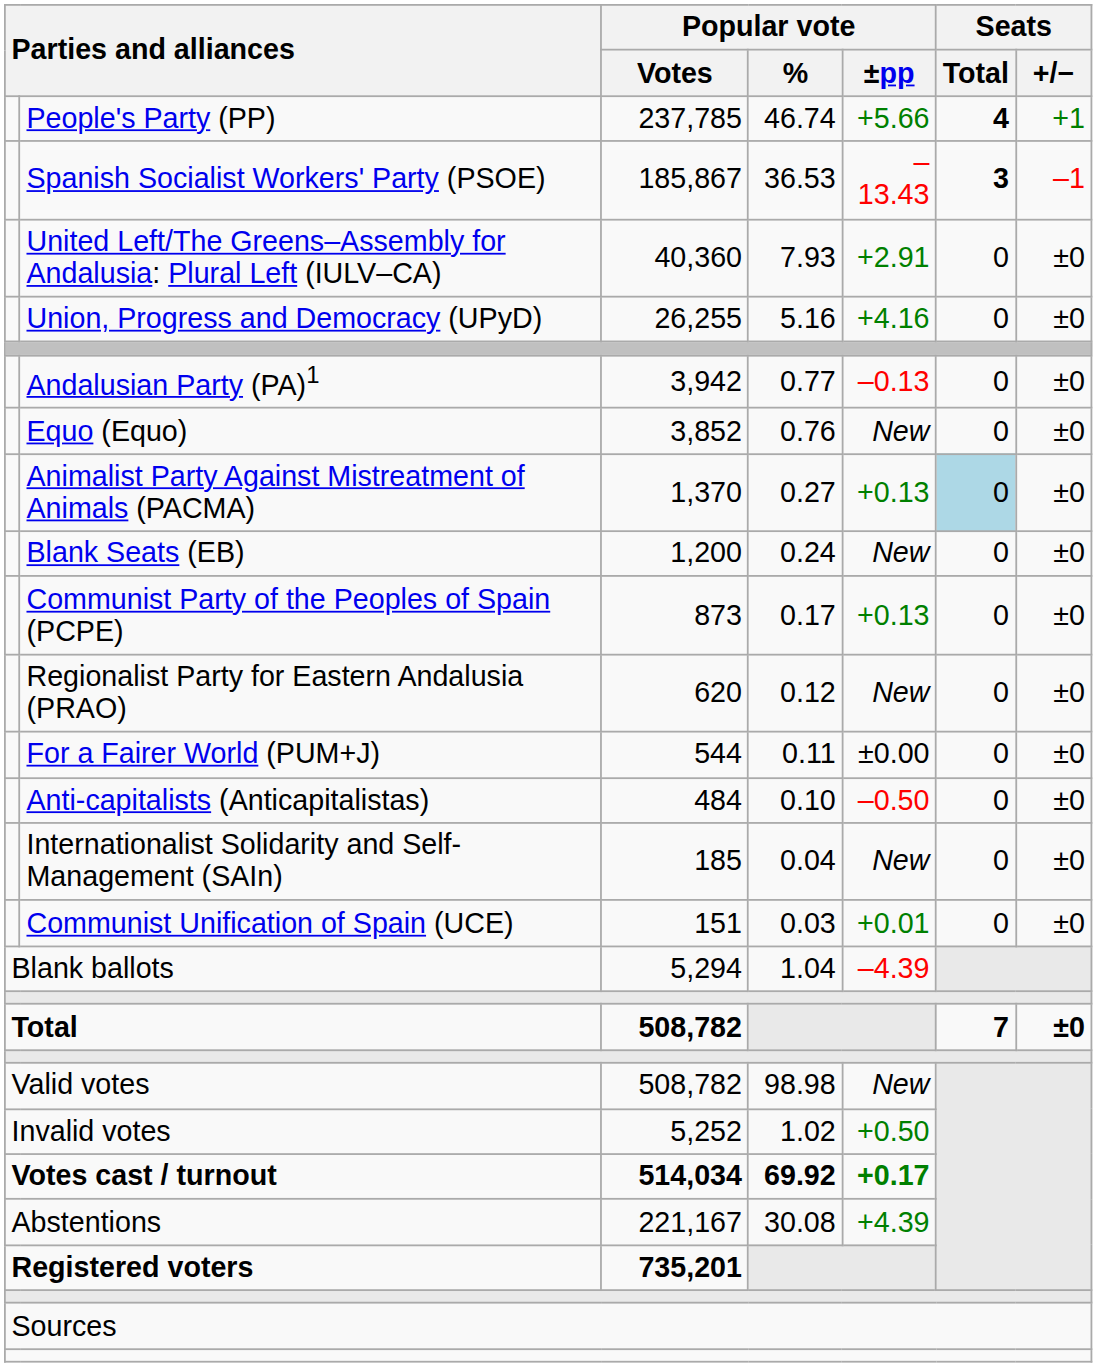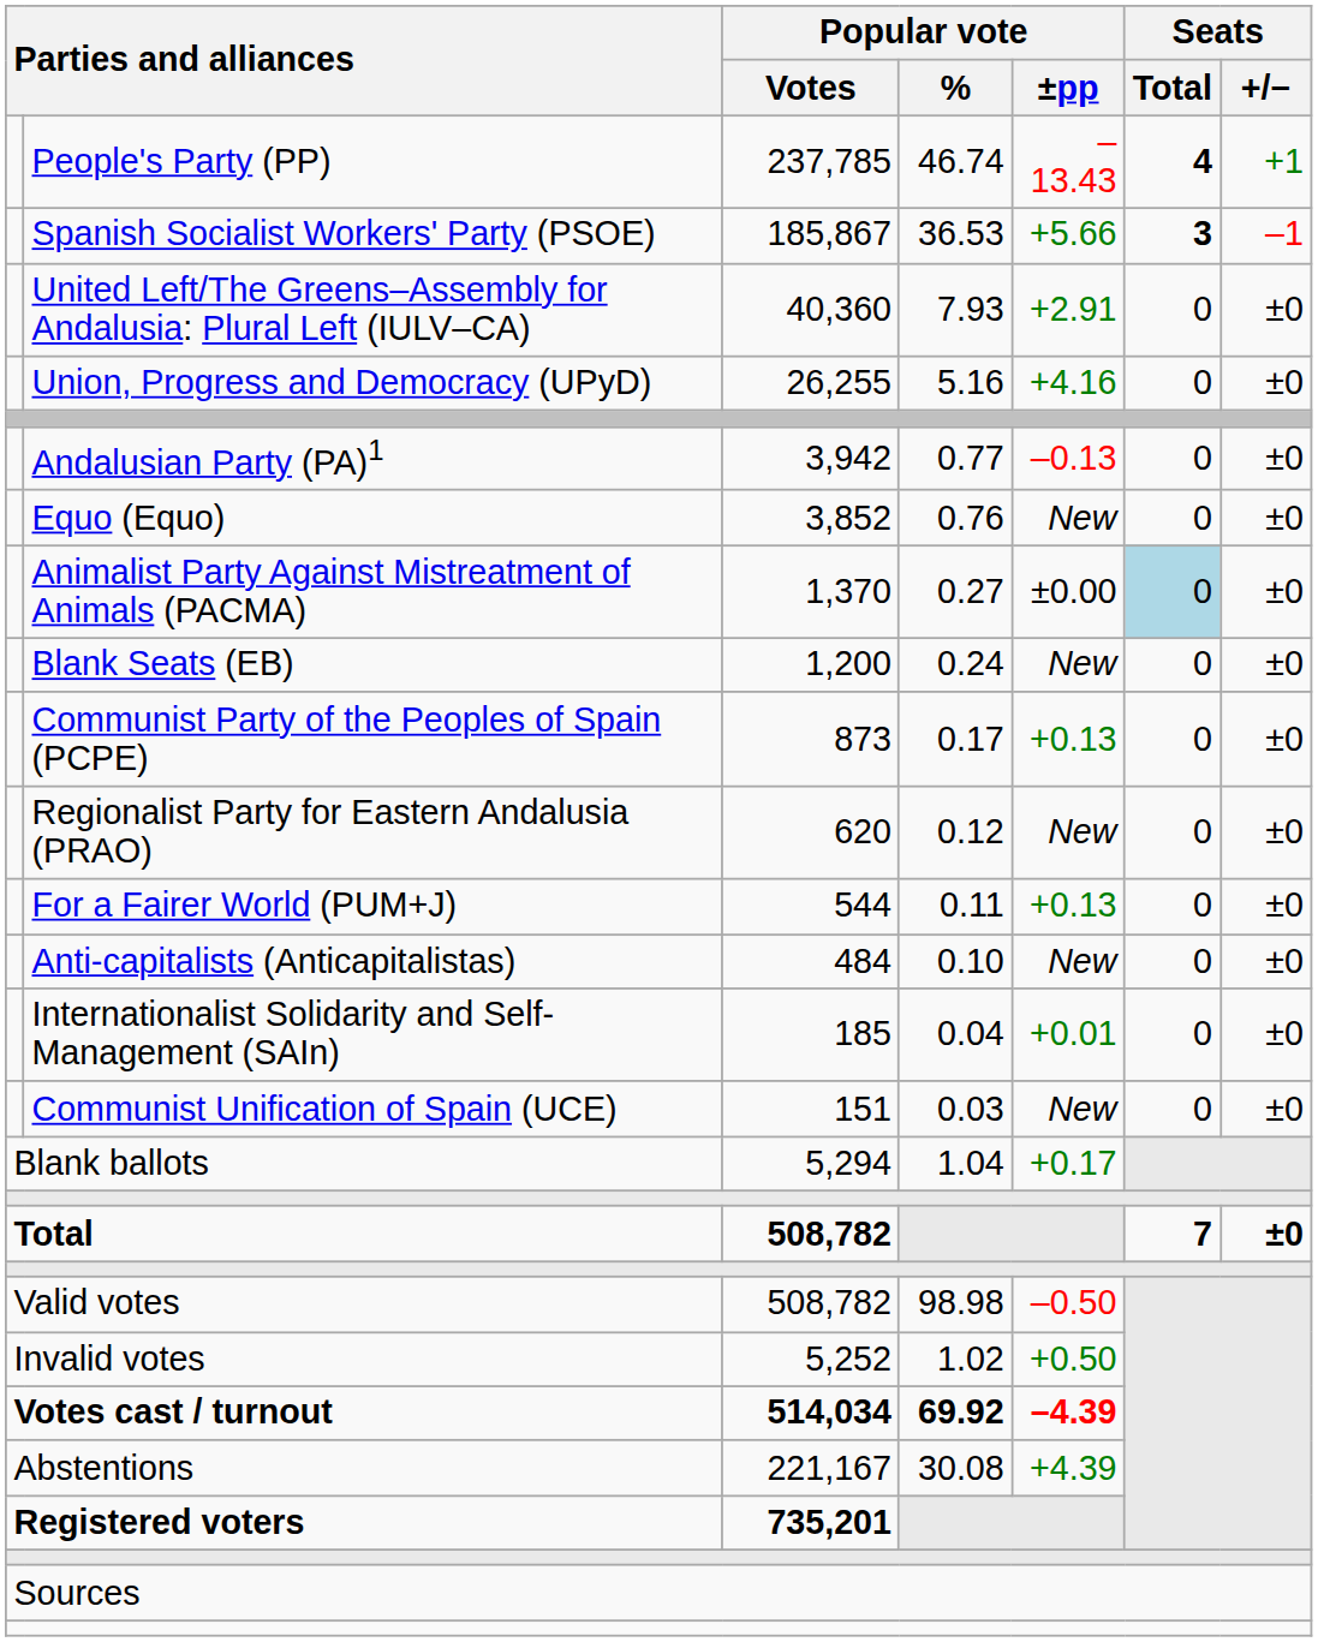 <table class="wikitable" style="text-align:right;">
 <tr>
 <th style="text-align:left;" rowspan="2" colspan="2" width="525">Parties and alliances</th>
 <th colspan="3">Popular vote</th>
 <th colspan="2">Seats</th>
 </tr>
 <tr>
 <th width="75">Votes</th>
 <th width="45">%</th>
 <th width="45">±<a href='#'>pp</a></th>
 <th width="35">Total</th>
 <th width="35">+/−</th>
 </tr>
 <tr>
 <td width="1" style="color:inherit;background:"></td>
 <td align="left"><a href='#'>People's Party</a> (PP)</td>
 <td>237,785</td>
 <td>46.74</td>
-<td style="color:green;">+5.66</td>
+<td style="color:red;">–13.43</td>
 <td><strong>4</strong></td>
 <td style="color:green;">+1</td>
 </tr>
 <tr>
 <td style="color:inherit;background:"></td>
 <td align="left"><a href='#'>Spanish Socialist Workers' Party</a> (PSOE)</td>
 <td>185,867</td>
 <td>36.53</td>
-<td style="color:red;">–13.43</td>
+<td style="color:green;">+5.66</td>
 <td><strong>3</strong></td>
 <td style="color:red;">–1</td>
 </tr>
 <tr>
 <td style="color:inherit;background:"></td>
 <td align="left"><a href='#'>United Left/The Greens–Assembly for Andalusia</a>: <a href='#'>Plural Left</a> (IULV–CA)</td>
 <td>40,360</td>
 <td>7.93</td>
 <td style="color:green;">+2.91</td>
 <td>0</td>
 <td>±0</td>
 </tr>
 <tr>
 <td style="color:inherit;background:"></td>
 <td align="left"><a href='#'>Union, Progress and Democracy</a> (UPyD)</td>
 <td>26,255</td>
 <td>5.16</td>
 <td style="color:green;">+4.16</td>
 <td>0</td>
 <td>±0</td>
 </tr>
 <tr>
 <td colspan="7" bgcolor="#C0C0C0"></td>
 </tr>
 <tr>
 <td style="color:inherit;background:"></td>
 <td align="left"><a href='#'>Andalusian Party</a> (PA)<sup>1</sup></td>
 <td>3,942</td>
 <td>0.77</td>
 <td style="color:red;">–0.13</td>
 <td>0</td>
 <td>±0</td>
 </tr>
 <tr>
 <td style="color:inherit;background:"></td>
 <td align="left"><a href='#'>Equo</a> (Equo)</td>
 <td>3,852</td>
 <td>0.76</td>
 <td><em>New</em></td>
 <td>0</td>
 <td>±0</td>
 </tr>
 <tr>
 <td style="color:inherit;background:"></td>
 <td align="left"><a href='#'>Animalist Party Against Mistreatment of Animals</a> (PACMA)</td>
 <td>1,370</td>
 <td>0.27</td>
-<td style="color:green;">+0.13</td>
+<td>±0.00</td>
 <td style="background: lightblue;">0</td>
 <td>±0</td>
 </tr>
 <tr>
 <td style="color:inherit;background:"></td>
 <td align="left"><a href='#'>Blank Seats</a> (EB)</td>
 <td>1,200</td>
 <td>0.24</td>
 <td><em>New</em></td>
 <td>0</td>
 <td>±0</td>
 </tr>
 <tr>
 <td style="color:inherit;background:"></td>
 <td align="left"><a href='#'>Communist Party of the Peoples of Spain</a> (PCPE)</td>
 <td>873</td>
 <td>0.17</td>
 <td style="color:green;">+0.13</td>
 <td>0</td>
 <td>±0</td>
 </tr>
 <tr>
 <td style="color:inherit;background:"></td>
 <td align="left">Regionalist Party for Eastern Andalusia (PRAO)</td>
 <td>620</td>
 <td>0.12</td>
 <td><em>New</em></td>
 <td>0</td>
 <td>±0</td>
 </tr>
 <tr>
 <td style="color:inherit;background:"></td>
 <td align="left"><a href='#'>For a Fairer World</a> (PUM+J)</td>
 <td>544</td>
 <td>0.11</td>
-<td>±0.00</td>
+<td style="color:green;">+0.13</td>
 <td>0</td>
 <td>±0</td>
 </tr>
 <tr>
 <td style="color:inherit;background:"></td>
 <td align="left"><a href='#'>Anti-capitalists</a> (Anticapitalistas)</td>
 <td>484</td>
 <td>0.10</td>
-<td style="color:red;">–0.50</td>
+<td><em>New</em></td>
 <td>0</td>
 <td>±0</td>
 </tr>
 <tr>
 <td style="color:inherit;background:"></td>
 <td align="left">Internationalist Solidarity and Self-Management (SAIn)</td>
 <td>185</td>
 <td>0.04</td>
-<td><em>New</em></td>
+<td style="color:green;">+0.01</td>
 <td>0</td>
 <td>±0</td>
 </tr>
 <tr>
 <td style="color:inherit;background:"></td>
 <td align="left"><a href='#'>Communist Unification of Spain</a> (UCE)</td>
 <td>151</td>
 <td>0.03</td>
-<td style="color:green;">+0.01</td>
+<td><em>New</em></td>
 <td>0</td>
 <td>±0</td>
 </tr>
 <tr>
 <td align="left" colspan="2">Blank ballots</td>
 <td>5,294</td>
 <td>1.04</td>
-<td style="color:red;">–4.39</td>
+<td style="color:green;">+0.17</td>
 <td bgcolor="#E9E9E9" colspan="2"></td>
 </tr>
 <tr>
 <td colspan="7" bgcolor="#E9E9E9"></td>
 </tr>
 <tr style="font-weight:bold;">
 <td align="left" colspan="2">Total</td>
 <td>508,782</td>
 <td bgcolor="#E9E9E9" colspan="2"></td>
 <td>7</td>
 <td>±0</td>
 </tr>
 <tr>
 <td colspan="7" bgcolor="#E9E9E9"></td>
 </tr>
 <tr>
 <td align="left" colspan="2">Valid votes</td>
 <td>508,782</td>
 <td>98.98</td>
-<td><em>New</em></td>
+<td style="color:red;">–0.50</td>
 <td bgcolor="#E9E9E9" colspan="2" rowspan="5"></td>
 </tr>
 <tr>
 <td align="left" colspan="2">Invalid votes</td>
 <td>5,252</td>
 <td>1.02</td>
 <td style="color:green;">+0.50</td>
 </tr>
 <tr style="font-weight:bold;">
 <td align="left" colspan="2">Votes cast / turnout</td>
 <td>514,034</td>
 <td>69.92</td>
-<td style="color:green;">+0.17</td>
+<td style="color:red;">–4.39</td>
 </tr>
 <tr>
 <td align="left" colspan="2">Abstentions</td>
 <td>221,167</td>
 <td>30.08</td>
 <td style="color:green;">+4.39</td>
 </tr>
 <tr style="font-weight:bold;">
 <td align="left" colspan="2">Registered voters</td>
 <td>735,201</td>
 <td bgcolor="#E9E9E9" colspan="2"></td>
 </tr>
 <tr>
 <td colspan="7" bgcolor="#E9E9E9"></td>
 </tr>
 <tr>
 <td align="left" colspan="7">Sources</td>
 </tr>
 <tr>
 <td colspan="7" style="text-align:left; max-width:790px;"></td>
 </tr>
 </table>
